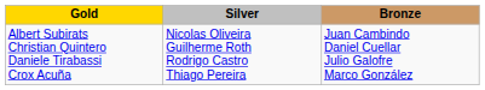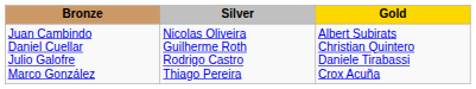 <table class="wikitable" style="text-align:left">
 <tr align="center">
+<td width=200 bgcolor=CC9966><strong>Bronze</strong></td>
+<td width=200 bgcolor=silver><strong>Silver</strong></td>
 <td width=200 bgcolor=gold><strong>Gold</strong></td>
-<td width=200 bgcolor=silver><strong>Silver</strong></td>
-<td width=200 bgcolor=CC9966><strong>Bronze</strong></td>
 </tr>
 <tr>
+<td><a href='#'>Juan Cambindo</a><br><a href='#'>Daniel Cuellar</a><br><a href='#'>Julio Galofre</a><br><a href='#'>Marco González</a><br><em></em></td>
+<td><a href='#'>Nicolas Oliveira</a><br><a href='#'>Guilherme Roth</a><br><a href='#'>Rodrigo Castro</a><br><a href='#'>Thiago Pereira</a><br><em></em></td>
 <td><a href='#'>Albert Subirats</a><br><a href='#'>Christian Quintero</a><br><a href='#'>Daniele Tirabassi</a><br><a href='#'>Crox Acuña</a><br><em></em></td>
-<td><a href='#'>Nicolas Oliveira</a><br><a href='#'>Guilherme Roth</a><br><a href='#'>Rodrigo Castro</a><br><a href='#'>Thiago Pereira</a><br><em></em></td>
-<td><a href='#'>Juan Cambindo</a><br><a href='#'>Daniel Cuellar</a><br><a href='#'>Julio Galofre</a><br><a href='#'>Marco González</a><br><em></em></td>
 </tr>
 </table>
